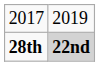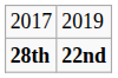 <table class="wikitable" border="1">
 <tr>
 <td>2017</td>
 <td>2019</td>
 </tr>
 <tr>
 <td><strong>28th</strong></td>
-<td style="background: lightgrey;"><strong>22nd</strong></td>
+<td><strong>22nd</strong></td>
 </tr>
 </table>
